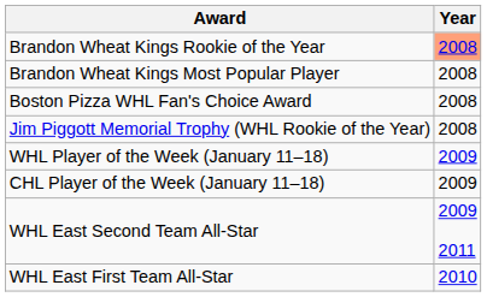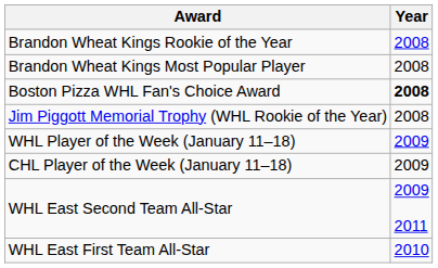 <table class="wikitable">
 <tr>
 <th>Award</th>
 <th>Year</th>
 </tr>
 <tr>
 <td>Brandon Wheat Kings Rookie of the Year</td>
-<td style="background: lightsalmon;"><a href='#'>2008</a></td>
+<td><a href='#'>2008</a></td>
 </tr>
 <tr>
 <td>Brandon Wheat Kings Most Popular Player</td>
 <td>2008</td>
 </tr>
 <tr>
 <td>Boston Pizza WHL Fan's Choice Award</td>
-<td>2008</td>
+<td><strong>2008</strong></td>
 </tr>
 <tr>
 <td><a href='#'>Jim Piggott Memorial Trophy</a> (WHL Rookie of the Year)</td>
 <td>2008</td>
 </tr>
 <tr>
 <td>WHL Player of the Week (January 11–18)</td>
 <td><a href='#'>2009</a></td>
 </tr>
 <tr>
 <td>CHL Player of the Week (January 11–18)</td>
 <td>2009</td>
 </tr>
 <tr>
 <td>WHL East Second Team All-Star</td>
 <td><a href='#'>2009</a><br><br><a href='#'>2011</a></td>
 </tr>
 <tr>
 <td>WHL East First Team All-Star</td>
 <td><a href='#'>2010</a></td>
 </tr>
 </table>
